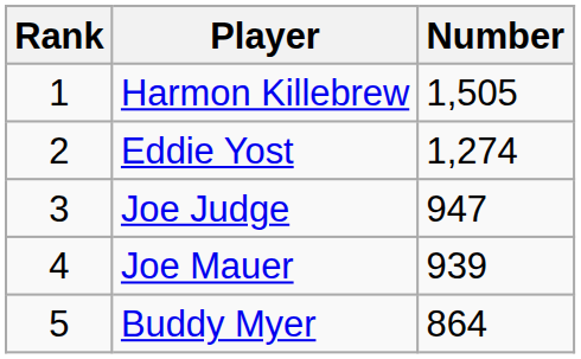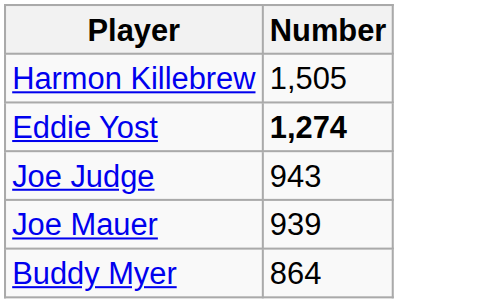 <table class="wikitable" style="font-size: 95%; text-align:left;">
 <tr>
-<th>Rank</th>
 <th>Player</th>
 <th>Number</th>
 </tr>
 <tr>
-<td align="center">1</td>
 <td><a href='#'>Harmon Killebrew</a></td>
 <td>1,505</td>
 </tr>
 <tr>
-<td align="center">2</td>
 <td><a href='#'>Eddie Yost</a></td>
-<td>1,274</td>
+<td><strong>1,274</strong></td>
 </tr>
 <tr>
-<td align="center">3</td>
 <td><a href='#'>Joe Judge</a></td>
-<td>947</td>
+<td>943</td>
 </tr>
 <tr>
-<td align="center">4</td>
 <td><a href='#'>Joe Mauer</a></td>
 <td>939</td>
 </tr>
 <tr>
-<td align="center">5</td>
 <td><a href='#'>Buddy Myer</a></td>
 <td>864</td>
 </tr>
 </table>
